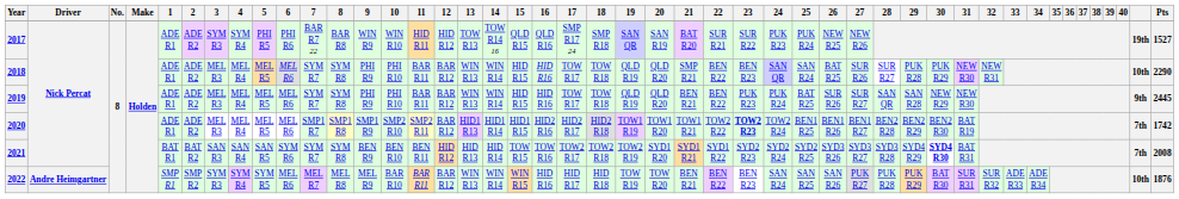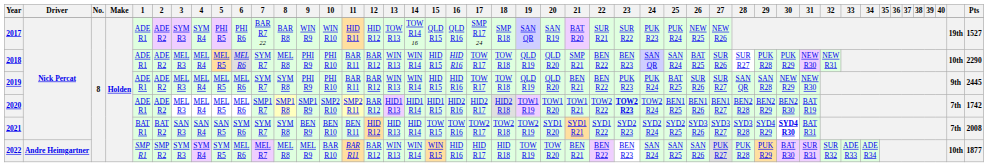 <table class="wikitable mw-collapsible mw-collapsed" style="text-align:center; font-size:75%">
 <tr>
 <th>Year</th>
 <th>Driver</th>
 <th>No.</th>
 <th>Make</th>
 <th>1</th>
 <th>2</th>
 <th>3</th>
 <th>4</th>
 <th>5</th>
 <th>6</th>
 <th>7</th>
 <th>8</th>
 <th>9</th>
 <th>10</th>
 <th>11</th>
 <th>12</th>
 <th>13</th>
 <th>14</th>
 <th>15</th>
 <th>16</th>
 <th>17</th>
 <th>18</th>
 <th>19</th>
 <th>20</th>
 <th>21</th>
 <th>22</th>
 <th>23</th>
 <th>24</th>
 <th>25</th>
 <th>26</th>
 <th>27</th>
 <th>28</th>
 <th>29</th>
 <th>30</th>
 <th>31</th>
 <th>32</th>
 <th>33</th>
 <th>34</th>
 <th>35</th>
 <th>36</th>
 <th>37</th>
 <th>38</th>
 <th>39</th>
 <th>40</th>
 <th></th>
 <th>Pts</th>
 </tr>
 <tr>
 </tr>
 <tr>
 <th><a href='#'>2017</a></th>
 <th rowspan=5><a href='#'>Nick Percat</a></th>
 <th rowspan=14>8</th>
 <th rowspan=14><a href='#'>Holden</a></th>
 <td style="background: #dfffdf"><a href='#'>ADE<br>R1</a><br></td>
 <td style="background: #efcfff"><a href='#'>ADE<br>R2</a><br></td>
 <td style="background: #efcfff"><a href='#'>SYM<br>R3</a><br></td>
 <td style="background: #dfffdf"><a href='#'>SYM<br>R4</a><br></td>
 <td style="background: #efcfff"><a href='#'>PHI<br>R5</a><br></td>
 <td style="background: #dfffdf"><a href='#'>PHI<br>R6</a><br></td>
 <td style="background: #dfffdf"><a href='#'>BAR<br>R7</a><br><small><em>22</em></small></td>
 <td style="background: #dfffdf"><a href='#'>BAR<br>R8</a><br></td>
 <td style="background: #dfffdf"><a href='#'>WIN<br>R9</a><br></td>
 <td style="background: #dfffdf"><a href='#'>WIN<br>R10</a><br></td>
 <td style="background:#FFDF9F;"><a href='#'>HID<br>R11</a><br></td>
 <td style="background: #dfffdf"><a href='#'>HID<br>R12</a><br></td>
 <td style="background: #dfffdf"><a href='#'>TOW<br>R13</a><br></td>
 <td style="background: #dfffdf"><a href='#'>TOW<br>R14</a><br><small><em>16</em></small></td>
 <td style="background: #dfffdf"><a href='#'>QLD<br>R15</a><br></td>
 <td style="background: #dfffdf"><a href='#'>QLD<br>R16</a><br></td>
 <td style="background: #dfffdf"><a href='#'>SMP<br>R17</a><br><small><em>24</em></small></td>
 <td style="background: #dfffdf"><a href='#'>SMP<br>R18</a><br></td>
 <td style="background: #cfcfff"><a href='#'>SAN<br>QR</a><br></td>
 <td style="background: #dfffdf"><a href='#'>SAN<br>R19</a><br></td>
 <td style="background: #efcfff"><a href='#'>BAT<br>R20</a><br></td>
 <td style="background: #dfffdf"><a href='#'>SUR<br>R21</a><br></td>
 <td style="background: #dfffdf"><a href='#'>SUR<br>R22</a><br></td>
 <td style="background: #dfffdf"><a href='#'>PUK<br>R23</a><br></td>
 <td style="background: #dfffdf"><a href='#'>PUK<br>R24</a><br></td>
 <td style="background: #dfffdf"><a href='#'>NEW<br>R25</a><br></td>
 <td style="background: #dfffdf"><a href='#'>NEW<br>R26</a><br></td>
 <th colspan=13></th>
 <th>19th</th>
 <th>1527</th>
 </tr>
 <tr>
 <th><a href='#'>2018</a></th>
 <td style="background: #dfffdf"><a href='#'>ADE<br>R1</a><br></td>
 <td style="background: #dfffdf"><a href='#'>ADE<br>R2</a><br></td>
 <td style="background: #dfffdf"><a href='#'>MEL<br>R3</a><br></td>
 <td style="background: #dfffdf"><a href='#'>MEL<br>R4</a><br></td>
 <td style="background:#FFDF9F;"><a href='#'>MEL<br>R5</a><br></td>
 <td style="background:#DFDFDF;"><em><a href='#'>MEL<br>R6</a><br></em></td>
 <td style="background: #dfffdf"><a href='#'>SYM<br>R7</a><br></td>
-<td style="background: #dfffdf"><a href='#'>SYM<br>R8</a><br></td>
+<td style="background: #dfffdf"><a href='#'>MEL<br>R8</a><br></td>
 <td style="background: #dfffdf"><a href='#'>PHI<br>R9</a><br></td>
 <td style="background: #dfffdf"><a href='#'>PHI<br>R10</a><br></td>
 <td style="background: #dfffdf"><a href='#'>BAR<br>R11</a><br></td>
 <td style="background: #dfffdf"><a href='#'>BAR<br>R12</a><br></td>
 <td style="background: #dfffdf"><a href='#'>WIN<br>R13</a><br></td>
 <td style="background: #dfffdf"><a href='#'>WIN<br>R14</a><br></td>
 <td style="background: #dfffdf"><a href='#'>HID<br>R15</a><br></td>
 <td style="background: #dfffdf"><em><a href='#'>HID<br>R16</a><br></em></td>
 <td style="background: #dfffdf"><a href='#'>TOW<br>R17</a><br></td>
 <td style="background: #dfffdf"><a href='#'>TOW<br>R18</a><br></td>
 <td style="background: #dfffdf"><a href='#'>QLD<br>R19</a><br></td>
 <td style="background: #dfffdf"><a href='#'>QLD<br>R20</a><br></td>
 <td style="background: #dfffdf"><a href='#'>SMP<br>R21</a><br></td>
 <td style="background: #dfffdf"><a href='#'>BEN<br>R22</a><br></td>
 <td style="background: #dfffdf"><a href='#'>BEN<br>R23</a><br></td>
 <td style="background: #cfcfff"><a href='#'>SAN<br>QR</a><br></td>
 <td style="background: #dfffdf"><a href='#'>SAN<br>R24</a><br></td>
 <td style="background: #dfffdf"><a href='#'>BAT<br>R25</a><br></td>
 <td style="background: #dfffdf"><a href='#'>SUR<br>R26</a><br></td>
 <td style="background: #ffffff"><a href='#'>SUR<br>R27</a><br></td>
 <td style="background: #dfffdf"><a href='#'>PUK<br>R28</a><br></td>
 <td style="background: #dfffdf"><a href='#'>PUK<br>R29</a><br></td>
 <td style="background: #efcfff"><a href='#'>NEW<br>R30</a><br></td>
 <td style="background: #dfffdf"><a href='#'>NEW<br>R31</a><br></td>
 <th colspan=8></th>
 <th>10th</th>
 <th>2290</th>
 </tr>
 <tr>
 <th><a href='#'>2019</a></th>
 <td style="background: #dfffdf"><a href='#'>ADE<br>R1</a><br></td>
 <td style="background: #dfffdf"><a href='#'>ADE<br>R2</a><br></td>
 <td style="background: #dfffdf"><a href='#'>MEL<br>R3</a><br></td>
 <td style="background: #dfffdf"><a href='#'>MEL<br>R4</a><br></td>
 <td style="background: #dfffdf"><a href='#'>MEL<br>R5</a><br></td>
 <td style="background: #dfffdf"><a href='#'>MEL<br>R6</a><br></td>
 <td style="background: #dfffdf"><a href='#'>SYM<br>R7</a><br></td>
 <td style="background: #dfffdf"><a href='#'>SYM<br>R8</a><br></td>
 <td style="background: #dfffdf"><a href='#'>PHI<br>R9</a><br></td>
 <td style="background: #dfffdf"><a href='#'>PHI<br>R10</a><br></td>
 <td style="background: #dfffdf"><a href='#'>BAR<br>R11</a><br></td>
 <td style="background: #dfffdf"><a href='#'>BAR<br>R12</a><br></td>
 <td style="background: #dfffdf"><a href='#'>WIN<br>R13</a><br></td>
 <td style="background: #dfffdf"><a href='#'>WIN<br>R14</a><br></td>
 <td style="background: #dfffdf"><a href='#'>HID<br>R15</a><br></td>
 <td style="background: #dfffdf"><a href='#'>HID<br>R16</a><br></td>
 <td style="background: #dfffdf"><a href='#'>TOW<br>R17</a><br></td>
 <td style="background: #dfffdf"><a href='#'>TOW<br>R18</a><br></td>
 <td style="background: #dfffdf"><a href='#'>QLD<br>R19</a><br></td>
 <td style="background: #dfffdf"><a href='#'>QLD<br>R20</a><br></td>
 <td style="background: #dfffdf"><a href='#'>BEN<br>R21</a><br></td>
 <td style="background: #dfffdf"><a href='#'>BEN<br>R22</a><br></td>
 <td style="background: #dfffdf"><a href='#'>PUK<br>R23</a><br></td>
 <td style="background: #dfffdf"><a href='#'>PUK<br>R24</a><br></td>
 <td style="background: #dfffdf"><a href='#'>BAT<br>R25</a><br></td>
 <td style="background: #dfffdf"><a href='#'>SUR<br>R26</a><br></td>
 <td style="background: #dfffdf"><a href='#'>SUR<br>R27</a><br></td>
 <td style="background: #dfffdf"><a href='#'>SAN<br>QR</a><br></td>
 <td style="background: #dfffdf"><a href='#'>SAN<br>R28</a><br></td>
 <td style="background: #dfffdf"><a href='#'>NEW<br>R29</a><br></td>
 <td style="background: #dfffdf"><a href='#'>NEW<br>R30</a><br></td>
 <th colspan=9></th>
 <th>9th</th>
 <th>2445</th>
 </tr>
 <tr>
 <th><a href='#'>2020</a></th>
 <td style="background: #dfffdf"><a href='#'>ADE<br>R1</a><br></td>
 <td style="background: #dfffdf"><a href='#'>ADE<br>R2</a><br></td>
 <td style="background: #ffffff"><a href='#'>MEL<br>R3</a><br></td>
 <td style="background: #ffffff"><a href='#'>MEL<br>R4</a><br></td>
 <td style="background: #ffffff"><a href='#'>MEL<br>R5</a><br></td>
 <td style="background: #ffffff"><a href='#'>MEL<br>R6</a><br></td>
 <td style="background: #dfffdf"><a href='#'>SMP1<br>R7</a><br></td>
 <td style="background: #ffffbf"><a href='#'>SMP1<br>R8</a><br></td>
 <td style="background: #dfffdf"><a href='#'>SMP1<br>R9</a><br></td>
 <td style="background: #dfffdf"><a href='#'>SMP2<br>R10</a><br></td>
 <td style="background: #ffffbf"><a href='#'>SMP2<br>R11</a><br></td>
 <td style="background: #dfffdf"><a href='#'>BAR<br>R12</a><br></td>
 <td style="background: #efcfff"><a href='#'>HID1<br>R13</a><br></td>
 <td style="background: #dfffdf"><a href='#'>HID1<br>R14</a><br></td>
 <td style="background: #dfffdf"><a href='#'>HID1<br>R15</a><br></td>
 <td style="background: #dfffdf"><a href='#'>HID2<br>R16</a><br></td>
 <td style="background: #dfffdf"><a href='#'>HID2<br>R17</a><br></td>
 <td style="background: #dfdfdf"><a href='#'>HID2<br>R18</a><br></td>
 <td style="background: #efcfff"><a href='#'>TOW1<br>R19</a><br></td>
 <td style="background: #dfffdf"><a href='#'>TOW1<br>R20</a><br></td>
 <td style="background: #dfffdf"><a href='#'>TOW1<br>R21</a><br></td>
 <td style="background: #dfffdf"><a href='#'>TOW2<br>R22</a><br></td>
 <td style="background: #dfffdf"><strong><a href='#'>TOW2<br>R23</a><br></strong></td>
 <td style="background: #dfffdf"><a href='#'>TOW2<br>R24</a><br></td>
 <td style="background: #dfffdf"><a href='#'>BEN1<br>R25</a><br></td>
 <td style="background: #dfffdf"><a href='#'>BEN1<br>R26</a><br></td>
 <td style="background: #dfffdf"><a href='#'>BEN1<br>R27</a><br></td>
 <td style="background: #dfffdf"><a href='#'>BEN2<br>R28</a><br></td>
 <td style="background: #dfffdf"><a href='#'>BEN2<br>R29</a><br></td>
 <td style="background: #dfffdf"><a href='#'>BEN2<br>R30</a><br></td>
 <td style="background: #dfffdf"><a href='#'>BAT<br>R19</a><br></td>
 <th colspan=9></th>
 <th>7th</th>
 <th>1742</th>
 </tr>
 <tr>
 <th><a href='#'>2021</a></th>
 <td style="background: #dfffdf"><a href='#'>BAT<br>R1</a><br></td>
 <td style="background: #dfffdf"><a href='#'>BAT<br>R2</a><br></td>
 <td style="background: #dfffdf"><a href='#'>SAN<br>R3</a><br></td>
 <td style="background: #dfffdf"><a href='#'>SAN<br>R4</a><br></td>
 <td style="background: #dfffdf"><a href='#'>SAN<br>R5</a><br></td>
 <td style="background: #dfffdf"><a href='#'>SYM<br>R6</a><br></td>
 <td style="background: #dfffdf"><a href='#'>SYM<br>R7</a><br></td>
 <td style="background: #dfffdf"><a href='#'>SYM<br>R8</a><br></td>
 <td style="background: #dfffdf"><a href='#'>BEN<br>R9</a><br></td>
 <td style="background: #dfffdf"><a href='#'>BEN<br>R10</a><br></td>
 <td style="background: #dfffdf"><a href='#'>BEN<br>R11</a><br></td>
 <td style="background: #ffdf9f"><a href='#'>HID<br>R12</a><br></td>
 <td style="background: #dfffdf"><a href='#'>HID<br>R13</a><br></td>
 <td style="background: #dfffdf"><a href='#'>HID<br>R14</a><br></td>
 <td style="background: #dfffdf"><a href='#'>TOW<br>R15</a><br></td>
 <td style="background: #dfffdf"><a href='#'>TOW<br>R16</a><br></td>
 <td style="background: #dfffdf"><a href='#'>TOW2<br>R17</a><br></td>
 <td style="background: #dfffdf"><a href='#'>TOW2<br>R18</a><br></td>
 <td style="background: #dfffdf"><a href='#'>TOW2<br>R19</a><br></td>
 <td style="background: #dfffdf"><a href='#'>SYD1<br>R20</a><br></td>
 <td style="background: #ffdf9f"><a href='#'>SYD1<br>R21</a><br></td>
 <td style="background: #dfffdf"><a href='#'>SYD1<br>R22</a><br></td>
 <td style="background: #dfffdf"><a href='#'>SYD2<br>R23</a><br></td>
 <td style="background: #dfffdf"><a href='#'>SYD2<br>R24</a><br></td>
 <td style="background: #dfffdf"><a href='#'>SYD2<br>R25</a><br></td>
 <td style="background: #dfffdf"><a href='#'>SYD3<br>R26</a><br></td>
 <td style="background: #dfffdf"><a href='#'>SYD3<br>R27</a><br></td>
 <td style="background: #dfffdf"><a href='#'>SYD3<br>R28</a><br></td>
 <td style="background: #dfffdf"><a href='#'>SYD4<br>R29</a><br></td>
 <td style="background: #ffffff"><strong><a href='#'>SYD4<br>R30</a><br></strong></td>
 <td style="background: #dfffdf"><a href='#'>BAT<br>R31</a><br></td>
 <th colspan=9></th>
 <th>7th</th>
 <th>2008</th>
 </tr>
 <tr>
 <th><a href='#'>2022</a></th>
 <th><a href='#'>Andre Heimgartner</a></th>
 <td style="background: #dfffdf"><em><a href='#'>SMP<br>R1</a><br></em></td>
 <td style="background: #dfffdf"><a href='#'>SMP<br>R2</a><br></td>
 <td style="background: #dfffdf"><a href='#'>SYM<br>R3</a><br></td>
 <td style="background: #efcfff"><a href='#'>SYM<br>R4</a><br></td>
 <td style="background: #dfffdf"><a href='#'>SYM<br>R5</a><br></td>
 <td style="background: #dfffdf"><a href='#'>MEL<br>R6</a><br></td>
 <td style="background: #efcfff"><a href='#'>MEL<br>R7</a><br></td>
 <td style="background: #dfffdf"><a href='#'>MEL<br>R8</a><br></td>
 <td style="background: #dfffdf"><a href='#'>MEL<br>R9</a><br></td>
 <td style="background: #dfffdf"><a href='#'>BAR<br>R10</a><br></td>
 <td style="background: #ffdf9f"><em><a href='#'>BAR<br>R11</a><br></em></td>
 <td style="background: #dfffdf"><a href='#'>BAR<br>R12</a><br></td>
 <td style="background: #dfffdf"><a href='#'>WIN<br>R13</a><br></td>
 <td style="background: #dfffdf"><a href='#'>WIN<br>R14</a><br></td>
 <td style="background: #ffdf9f"><a href='#'>WIN<br>R15</a><br></td>
 <td style="background: #dfffdf"><a href='#'>HID<br>R16</a><br></td>
 <td style="background: #dfffdf"><a href='#'>HID<br>R17</a><br></td>
 <td style="background: #dfffdf"><a href='#'>HID<br>R18</a><br></td>
 <td style="background: #dfffdf"><a href='#'>TOW<br>R19</a><br></td>
 <td style="background: #dfffdf"><a href='#'>TOW<br>R20</a><br></td>
 <td style="background: #dfffdf"><a href='#'>BEN<br>R21</a><br></td>
 <td style="background: #efcfff"><a href='#'>BEN<br>R22</a><br></td>
 <td style="background: #ffffff"><a href='#'>BEN<br>R23</a><br></td>
 <td style="background: #dfffdf"><a href='#'>SAN<br>R24</a><br></td>
 <td style="background: #dfffdf"><a href='#'>SAN<br>R25</a><br></td>
 <td style="background: #dfffdf"><a href='#'>SAN<br>R26</a><br></td>
 <td style="background: #dfdfdf"><a href='#'>PUK<br>R27</a><br></td>
 <td style="background: #dfffdf"><a href='#'>PUK<br>R28</a><br></td>
 <td style="background: #ffdf9f"><a href='#'>PUK<br>R29</a><br></td>
 <td style="background: #efcfff"><a href='#'>BAT<br>R30</a><br></td>
 <td style="background: #efcfff"><a href='#'>SUR<br>R31</a><br></td>
 <td style="background: #dfffdf"><a href='#'>SUR<br>R32</a><br></td>
 <td style="background: #dfffdf"><a href='#'>ADE<br>R33</a><br></td>
 <td style="background: #dfffdf"><a href='#'>ADE<br>R34</a><br></td>
 <th colspan=6></th>
 <th>10th</th>
-<th>1876</th>
+<th>1877</th>
 </tr>
 </table>
